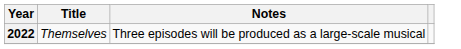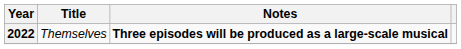 <table class="wikitable plainrowheaders">
 <tr>
 <th scope="col">Year</th>
 <th scope="col">Title</th>
 <th scope="col">Notes</th>
 <th scope="col" class="unsortable"></th>
 </tr>
 <tr>
 <th scope="row">2022</th>
 <td><em>Themselves</em></td>
-<td>Three episodes will be produced as a large-scale musical</td>
+<td><strong>Three episodes will be produced as a large-scale musical</strong></td>
 <td style="text-align:center"></td>
 </tr>
 <tr>
 </tr>
 </table>
